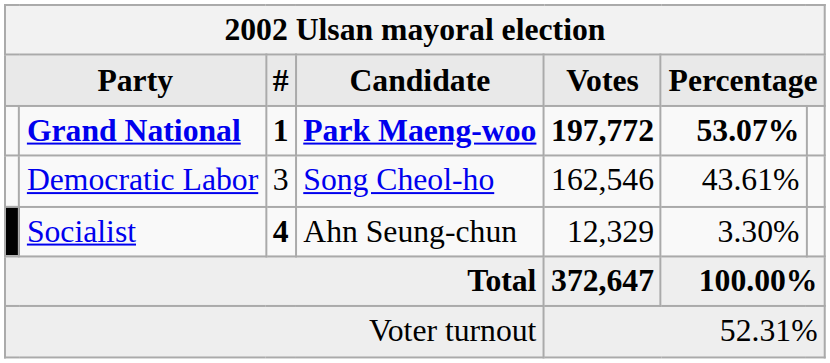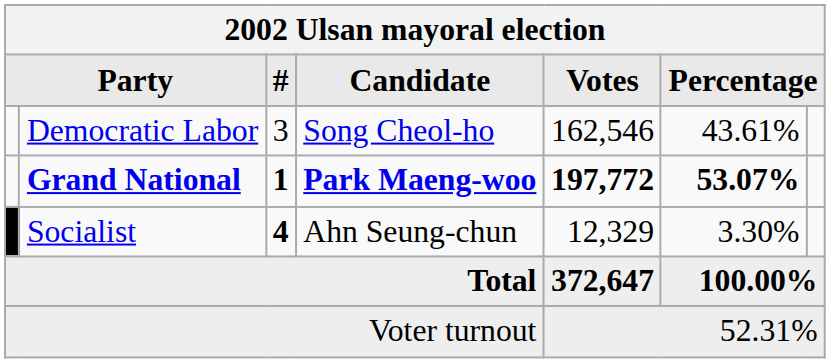 <table class="wikitable">
 <tr>
 <th colspan="7">2002 Ulsan mayoral election</th>
 </tr>
 <tr>
 <th style="background-color:#E9E9E9" colspan=2>Party</th>
 <th style="background-color:#E9E9E9">#</th>
 <th style="background-color:#E9E9E9">Candidate</th>
 <th style="background-color:#E9E9E9">Votes</th>
 <th style="background-color:#E9E9E9" colspan=2>Percentage</th>
 </tr>
+<tr>
+<td></td>
+<td align=left><a href='#'>Democratic Labor</a></td>
+<td align=center>3</td>
+<td align=left><a href='#'>Song Cheol-ho</a></td>
+<td align=right>162,546</td>
+<td align=right>43.61%</td>
+<td align=right></td>
+</tr>
 <tr style="font-weight:bold">
 <td></td>
 <td align=left><a href='#'>Grand National</a></td>
 <td align=center>1</td>
 <td align=left><a href='#'>Park Maeng-woo</a></td>
 <td align=right>197,772</td>
 <td align=right>53.07%</td>
-<td align=right></td>
-</tr>
-<tr>
-<td></td>
-<td align=left><a href='#'>Democratic Labor</a></td>
-<td align=center>3</td>
-<td align=left><a href='#'>Song Cheol-ho</a></td>
-<td align=right>162,546</td>
-<td align=right>43.61%</td>
 <td align=right></td>
 </tr>
 <tr>
 <td bgcolor="black"></td>
 <td align=left><a href='#'>Socialist</a></td>
 <td align=center><strong>4</strong></td>
 <td align=left>Ahn Seung-chun</td>
 <td align=right>12,329</td>
 <td align=right>3.30%</td>
 <td align=right></td>
 </tr>
 <tr bgcolor="#EEEEEE" style="font-weight:bold">
 <td colspan="4" align=right>Total</td>
 <td align=right>372,647</td>
 <td align=right colspan=2>100.00%</td>
 </tr>
 <tr bgcolor="#EEEEEE">
 <td colspan="4" align="right">Voter turnout</td>
 <td colspan="3" align="right">52.31%</td>
 </tr>
 </table>
